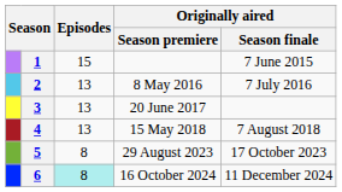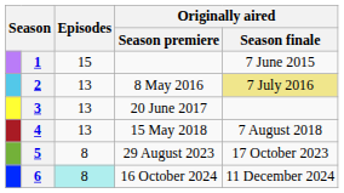 <table class="wikitable plainrowheaders" style="text-align: center">
 <tr>
 <th scope="col" colspan=2 rowspan="2">Season</th>
 <th scope="col" rowspan="2">Episodes</th>
 <th scope="col" colspan="2">Originally aired</th>
 </tr>
 <tr>
 <th scope="col">Season premiere</th>
 <th scope="col">Season finale</th>
 </tr>
 <tr>
 <th style="background:#BA7CF8; color:black;"></th>
 <th><a href='#'>1</a></th>
 <td>15</td>
 <td></td>
 <td>7 June 2015</td>
 </tr>
 <tr>
 <th style="background:#53C8E9; color:black;"></th>
 <th><a href='#'>2</a></th>
 <td>13</td>
 <td>8 May 2016</td>
-<td>7 July 2016</td>
+<td style="background: khaki;">7 July 2016</td>
 </tr>
 <tr>
 <th style="background:#ff3; color:black;"></th>
 <th><a href='#'>3</a></th>
 <td>13</td>
 <td>20 June 2017</td>
 <td></td>
 </tr>
 <tr>
 <th style="background:#A91B24; color:black;"></th>
 <th><a href='#'>4</a></th>
 <td>13</td>
 <td>15 May 2018</td>
 <td>7 August 2018</td>
 </tr>
 <tr>
 <th style="background:#73B139; color:black;"></th>
 <th><a href='#'>5</a></th>
 <td>8</td>
 <td>29 August 2023</td>
 <td>17 October 2023</td>
 </tr>
 <tr>
 <th style="background:#002AFF; color:black;"></th>
 <th><a href='#'>6</a></th>
 <td style="background: paleturquoise;">8</td>
 <td>16 October 2024</td>
 <td>11 December 2024</td>
 </tr>
 </table>
